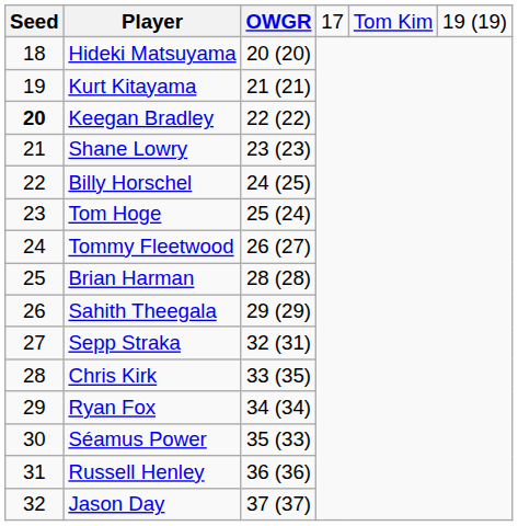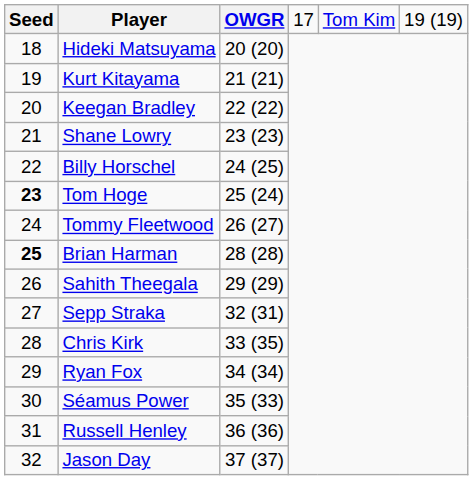 <table class=wikitable style=font-size:85%;text-align:center>
 <tr>
 <th>Seed</th>
 <th>Player</th>
 <th><a href='#'>OWGR</a></th>
 <td>17</td>
 <td style="text-align:left;"> <a href='#'>Tom Kim</a></td>
 <td>19 (19)</td>
 </tr>
 <tr>
 <td>18</td>
 <td style="text-align:left;"> <a href='#'>Hideki Matsuyama</a></td>
 <td>20 (20)</td>
 </tr>
 <tr>
 <td>19</td>
 <td style="text-align:left;"> <a href='#'>Kurt Kitayama</a></td>
 <td>21 (21)</td>
 </tr>
 <tr>
-<td><strong>20</strong></td>
+<td>20</td>
 <td style="text-align:left;"> <a href='#'>Keegan Bradley</a></td>
 <td>22 (22)</td>
 </tr>
 <tr>
 <td>21</td>
 <td style="text-align:left;"> <a href='#'>Shane Lowry</a></td>
 <td>23 (23)</td>
 </tr>
 <tr>
 <td>22</td>
 <td style="text-align:left;"> <a href='#'>Billy Horschel</a></td>
 <td>24 (25)</td>
 </tr>
 <tr>
-<td>23</td>
+<td><strong>23</strong></td>
 <td style="text-align:left;"> <a href='#'>Tom Hoge</a></td>
 <td>25 (24)</td>
 </tr>
 <tr>
 <td>24</td>
 <td style="text-align:left;"> <a href='#'>Tommy Fleetwood</a></td>
 <td>26 (27)</td>
 </tr>
 <tr>
-<td>25</td>
+<td><strong>25</strong></td>
 <td style="text-align:left;"> <a href='#'>Brian Harman</a></td>
 <td>28 (28)</td>
 </tr>
 <tr>
 <td>26</td>
 <td style="text-align:left;"> <a href='#'>Sahith Theegala</a></td>
 <td>29 (29)</td>
 </tr>
 <tr>
 <td>27</td>
 <td style="text-align:left;"> <a href='#'>Sepp Straka</a></td>
 <td>32 (31)</td>
 </tr>
 <tr>
 <td>28</td>
 <td style="text-align:left;"> <a href='#'>Chris Kirk</a></td>
 <td>33 (35)</td>
 </tr>
 <tr>
 <td>29</td>
 <td style="text-align:left;"> <a href='#'>Ryan Fox</a></td>
 <td>34 (34)</td>
 </tr>
 <tr>
 <td>30</td>
 <td style="text-align:left;"> <a href='#'>Séamus Power</a></td>
 <td>35 (33)</td>
 </tr>
 <tr>
 <td>31</td>
 <td style="text-align:left;"> <a href='#'>Russell Henley</a></td>
 <td>36 (36)</td>
 </tr>
 <tr>
 <td>32</td>
 <td style="text-align:left;"> <a href='#'>Jason Day</a></td>
 <td>37 (37)</td>
 </tr>
 </table>
